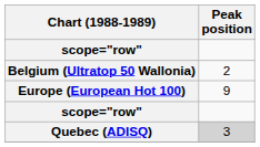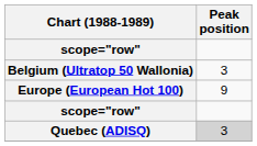 <table class="wikitable sortable plainrowheaders">
 <tr>
 <th>Chart (1988-1989)</th>
 <th>Peak<br>position</th>
 </tr>
 <tr>
 <th>scope="row"</th>
 </tr>
 <tr>
 <th scope="row">Belgium (<a href='#'>Ultratop 50</a> Wallonia)</th>
-<td align="center">2</td>
+<td align="center">3</td>
 </tr>
 <tr>
 <th scope="row">Europe (<a href='#'>European Hot 100</a>)</th>
 <td align="center">9</td>
 </tr>
 <tr>
 <th>scope="row"</th>
 </tr>
 <tr>
 <th scope="row">Quebec (<a href='#'>ADISQ</a>)</th>
 <td align="center" style="background: lightgrey;">3</td>
 </tr>
 <tr>
 </tr>
 </table>
